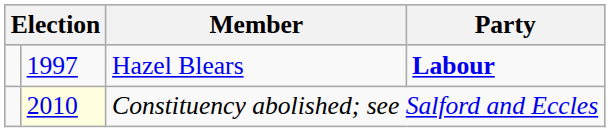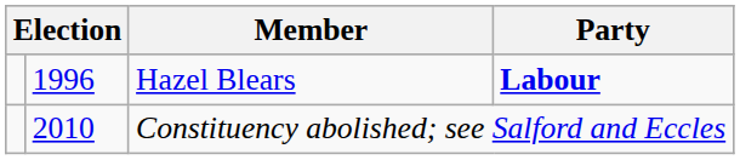 <table class="wikitable">
 <tr>
 <th colspan="2">Election</th>
 <th>Member </th>
 <th>Party</th>
 </tr>
 <tr>
 <td style="color:inherit;background-color: "></td>
-<td><a href='#'>1997</a></td>
+<td><a href='#'>1996</a></td>
 <td><a href='#'>Hazel Blears</a></td>
 <td><strong><a href='#'>Labour</a></strong></td>
 </tr>
 <tr>
 <td></td>
-<td style="background: lightyellow;"><a href='#'>2010</a></td>
+<td><a href='#'>2010</a></td>
 <td colspan="2"><em>Constituency abolished; see <a href='#'>Salford and Eccles</a></em></td>
 </tr>
 </table>
